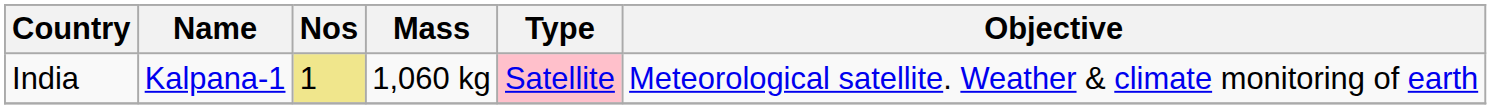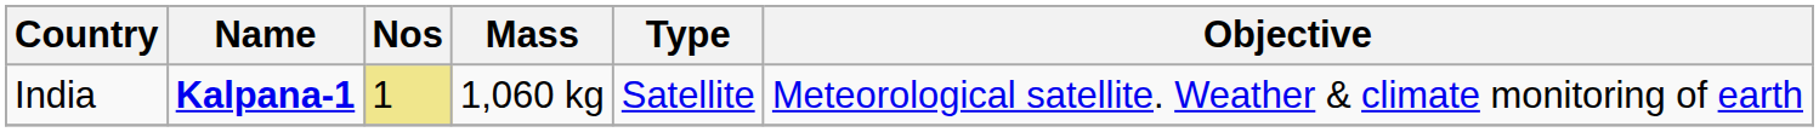 <table class="wikitable sortable">
 <tr>
 <th>Country</th>
 <th>Name</th>
 <th>Nos</th>
 <th>Mass</th>
 <th>Type</th>
 <th>Objective</th>
 </tr>
 <tr>
 <td> India</td>
-<td><a href='#'>Kalpana-1</a></td>
+<td><strong><a href='#'>Kalpana-1</a></strong></td>
 <td style="background: khaki;">1</td>
 <td>1,060 kg</td>
-<td style="background: pink;"><a href='#'>Satellite</a></td>
+<td><a href='#'>Satellite</a></td>
 <td><a href='#'>Meteorological satellite</a>. <a href='#'>Weather</a> & <a href='#'>climate</a> monitoring of <a href='#'>earth</a></td>
 </tr>
 <tr>
 </tr>
 </table>
